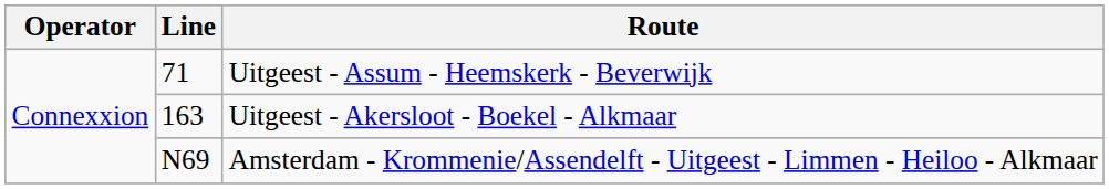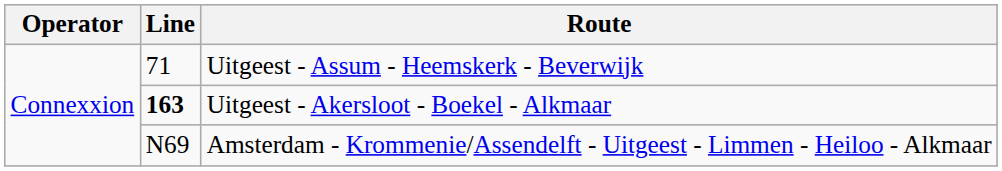 <table class="wikitable vatop">
 <tr>
 <th>Operator</th>
 <th>Line</th>
 <th>Route</th>
 </tr>
 <tr>
 <td rowspan="3"><a href='#'>Connexxion</a></td>
 <td>71</td>
 <td>Uitgeest - <a href='#'>Assum</a> - <a href='#'>Heemskerk</a> - <a href='#'>Beverwijk</a></td>
 </tr>
 <tr>
-<td>163</td>
+<td><strong>163</strong></td>
 <td>Uitgeest - <a href='#'>Akersloot</a> - <a href='#'>Boekel</a> - <a href='#'>Alkmaar</a></td>
 </tr>
 <tr>
 <td>N69</td>
 <td>Amsterdam - <a href='#'>Krommenie</a>/<a href='#'>Assendelft</a> - <a href='#'>Uitgeest</a> - <a href='#'>Limmen</a> - <a href='#'>Heiloo</a> - Alkmaar</td>
 </tr>
 </table>
